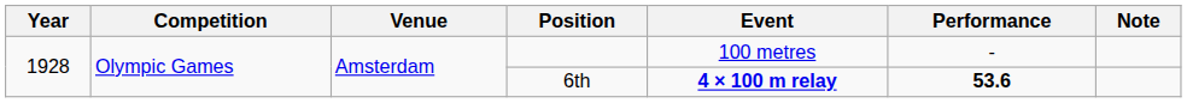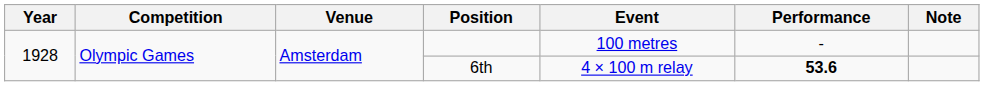 <table class="wikitable" width=55% style="font-size:90%; text-align:center;">
 <tr>
 <th>Year</th>
 <th>Competition</th>
 <th>Venue</th>
 <th>Position</th>
 <th>Event</th>
 <th>Performance</th>
 <th>Note</th>
 </tr>
 <tr>
 <td rowspan=2>1928</td>
 <td rowspan=2 align=left><a href='#'>Olympic Games</a></td>
 <td rowspan=2 align=left> <a href='#'>Amsterdam</a></td>
 <td></td>
 <td><a href='#'>100 metres</a></td>
 <td>-</td>
 <td></td>
 </tr>
 <tr>
 <td>6th</td>
-<td><strong><a href='#'>4 × 100 m relay</a></strong></td>
+<td><a href='#'>4 × 100 m relay</a></td>
 <td><strong>53.6</strong></td>
 <td></td>
 </tr>
 </table>
